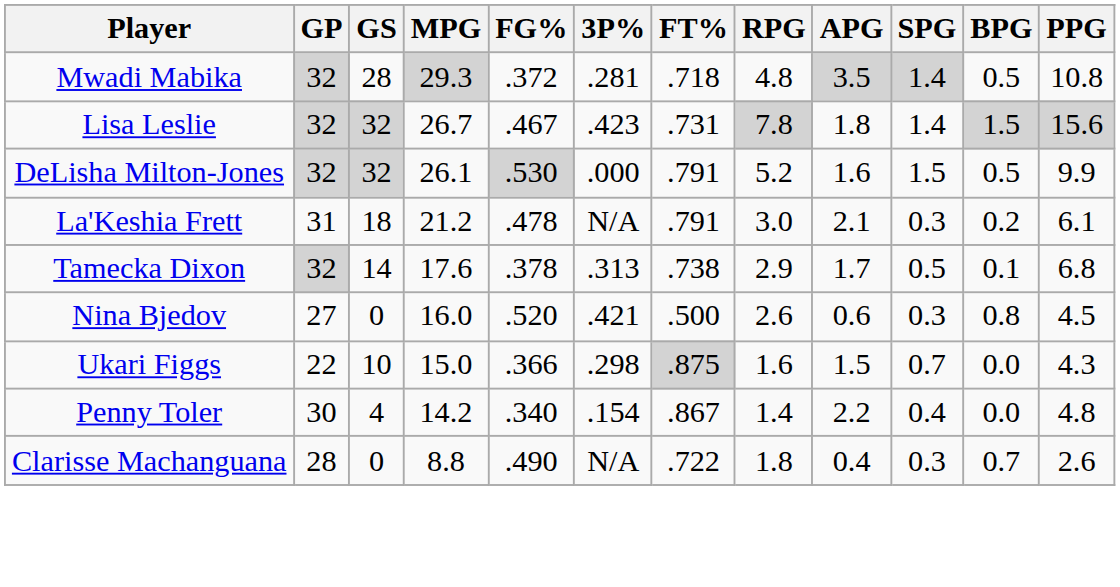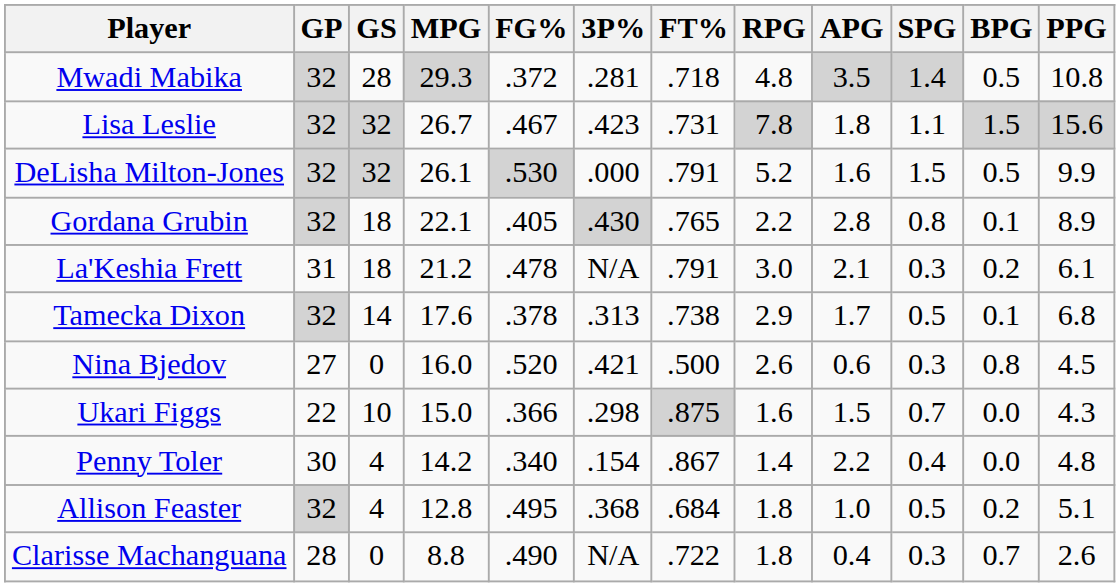 <table class="wikitable sortable" style="text-align:center;">
 <tr>
 <th>Player</th>
 <th>GP</th>
 <th>GS</th>
 <th>MPG</th>
 <th>FG%</th>
 <th>3P%</th>
 <th>FT%</th>
 <th>RPG</th>
 <th>APG</th>
 <th>SPG</th>
 <th>BPG</th>
 <th>PPG</th>
 </tr>
 <tr>
 <td><a href='#'>Mwadi Mabika</a></td>
 <td style="background:#D3D3D3;">32</td>
 <td>28</td>
 <td style="background:#D3D3D3;">29.3</td>
 <td>.372</td>
 <td>.281</td>
 <td>.718</td>
 <td>4.8</td>
 <td style="background:#D3D3D3;">3.5</td>
 <td style="background:#D3D3D3;">1.4</td>
 <td>0.5</td>
 <td>10.8</td>
 </tr>
 <tr>
 <td><a href='#'>Lisa Leslie</a></td>
 <td style="background:#D3D3D3;">32</td>
 <td style="background:#D3D3D3;">32</td>
 <td>26.7</td>
 <td>.467</td>
 <td>.423</td>
 <td>.731</td>
 <td style="background:#D3D3D3;">7.8</td>
 <td>1.8</td>
-<td>1.4</td>
+<td>1.1</td>
 <td style="background:#D3D3D3;">1.5</td>
 <td style="background:#D3D3D3;">15.6</td>
 </tr>
 <tr>
 <td><a href='#'>DeLisha Milton-Jones</a></td>
 <td style="background:#D3D3D3;">32</td>
 <td style="background:#D3D3D3;">32</td>
 <td>26.1</td>
 <td style="background:#D3D3D3;">.530</td>
 <td>.000</td>
 <td>.791</td>
 <td>5.2</td>
 <td>1.6</td>
 <td>1.5</td>
 <td>0.5</td>
 <td>9.9</td>
+</tr>
+<tr>
+<td><a href='#'>Gordana Grubin</a></td>
+<td style="background:#D3D3D3;">32</td>
+<td>18</td>
+<td>22.1</td>
+<td>.405</td>
+<td style="background:#D3D3D3;">.430</td>
+<td>.765</td>
+<td>2.2</td>
+<td>2.8</td>
+<td>0.8</td>
+<td>0.1</td>
+<td>8.9</td>
 </tr>
 <tr>
 <td><a href='#'>La'Keshia Frett</a></td>
 <td>31</td>
 <td>18</td>
 <td>21.2</td>
 <td>.478</td>
 <td>N/A</td>
 <td>.791</td>
 <td>3.0</td>
 <td>2.1</td>
 <td>0.3</td>
 <td>0.2</td>
 <td>6.1</td>
 </tr>
 <tr>
 <td><a href='#'>Tamecka Dixon</a></td>
 <td style="background:#D3D3D3;">32</td>
 <td>14</td>
 <td>17.6</td>
 <td>.378</td>
 <td>.313</td>
 <td>.738</td>
 <td>2.9</td>
 <td>1.7</td>
 <td>0.5</td>
 <td>0.1</td>
 <td>6.8</td>
 </tr>
 <tr>
 <td><a href='#'>Nina Bjedov</a></td>
 <td>27</td>
 <td>0</td>
 <td>16.0</td>
 <td>.520</td>
 <td>.421</td>
 <td>.500</td>
 <td>2.6</td>
 <td>0.6</td>
 <td>0.3</td>
 <td>0.8</td>
 <td>4.5</td>
 </tr>
 <tr>
 <td><a href='#'>Ukari Figgs</a></td>
 <td>22</td>
 <td>10</td>
 <td>15.0</td>
 <td>.366</td>
 <td>.298</td>
 <td style="background:#D3D3D3;">.875</td>
 <td>1.6</td>
 <td>1.5</td>
 <td>0.7</td>
 <td>0.0</td>
 <td>4.3</td>
 </tr>
 <tr>
 <td><a href='#'>Penny Toler</a></td>
 <td>30</td>
 <td>4</td>
 <td>14.2</td>
 <td>.340</td>
 <td>.154</td>
 <td>.867</td>
 <td>1.4</td>
 <td>2.2</td>
 <td>0.4</td>
 <td>0.0</td>
 <td>4.8</td>
 </tr>
 <tr>
+<td><a href='#'>Allison Feaster</a></td>
+<td style="background:#D3D3D3;">32</td>
+<td>4</td>
+<td>12.8</td>
+<td>.495</td>
+<td>.368</td>
+<td>.684</td>
+<td>1.8</td>
+<td>1.0</td>
+<td>0.5</td>
+<td>0.2</td>
+<td>5.1</td>
+</tr>
+<tr>
 <td><a href='#'>Clarisse Machanguana</a></td>
 <td>28</td>
 <td>0</td>
 <td>8.8</td>
 <td>.490</td>
 <td>N/A</td>
 <td>.722</td>
 <td>1.8</td>
 <td>0.4</td>
 <td>0.3</td>
 <td>0.7</td>
 <td>2.6</td>
 </tr>
 </table>
